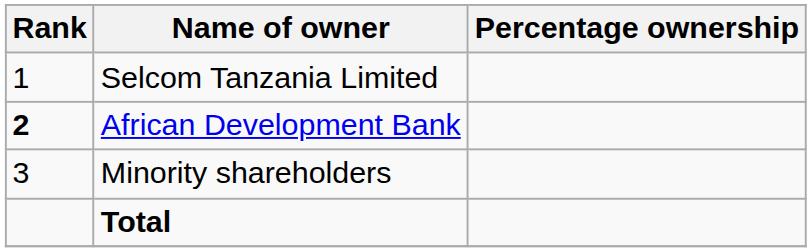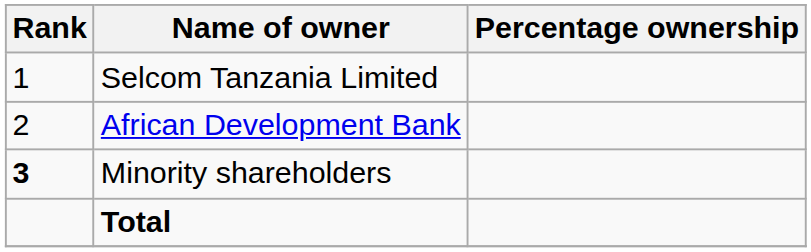 <table class="wikitable sortable" style="margin: 0.5em auto">
 <tr>
 <th>Rank</th>
 <th>Name of owner</th>
 <th>Percentage ownership</th>
 </tr>
 <tr>
 <td>1</td>
 <td>Selcom Tanzania Limited</td>
 <td></td>
 </tr>
 <tr>
-<td><strong>2</strong></td>
+<td>2</td>
 <td><a href='#'>African Development Bank</a></td>
 <td></td>
 </tr>
 <tr>
-<td>3</td>
+<td><strong>3</strong></td>
 <td>Minority shareholders</td>
 <td></td>
 </tr>
 <tr>
 <td></td>
 <td><strong>Total</strong></td>
 <td></td>
 </tr>
 <tr>
 </tr>
 </table>
